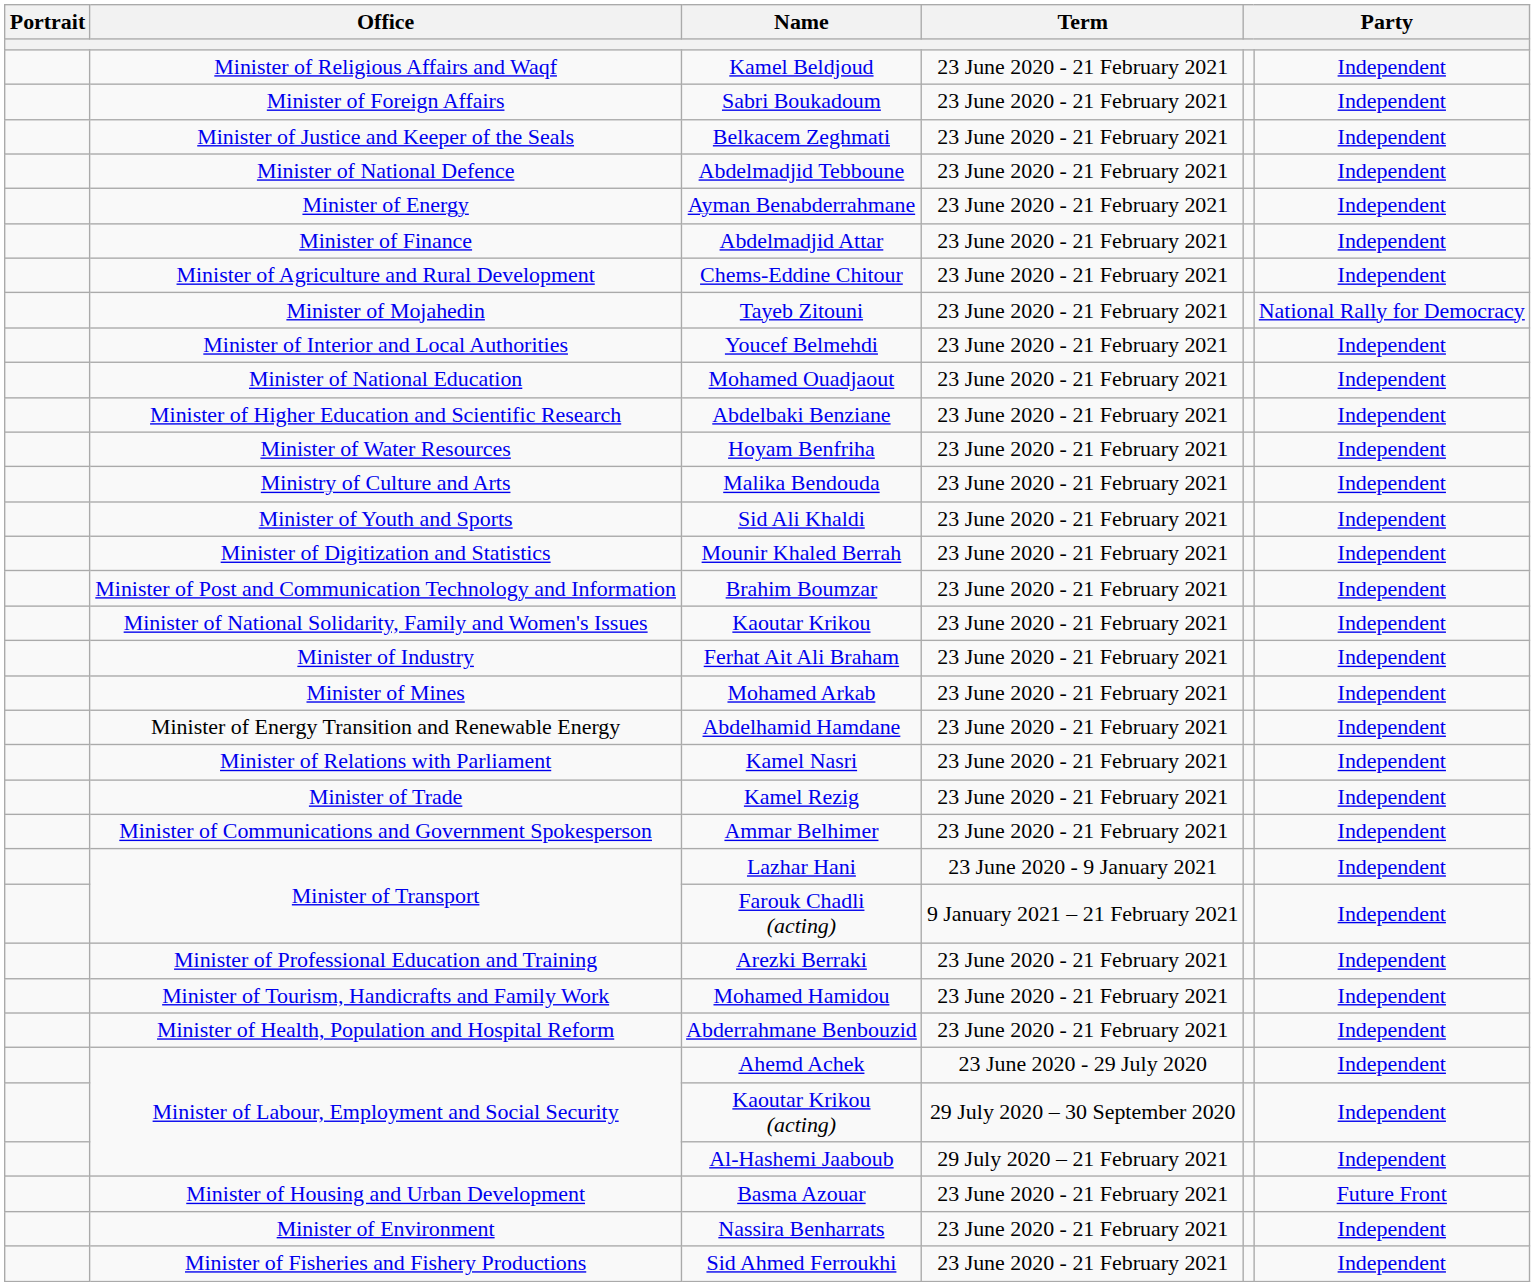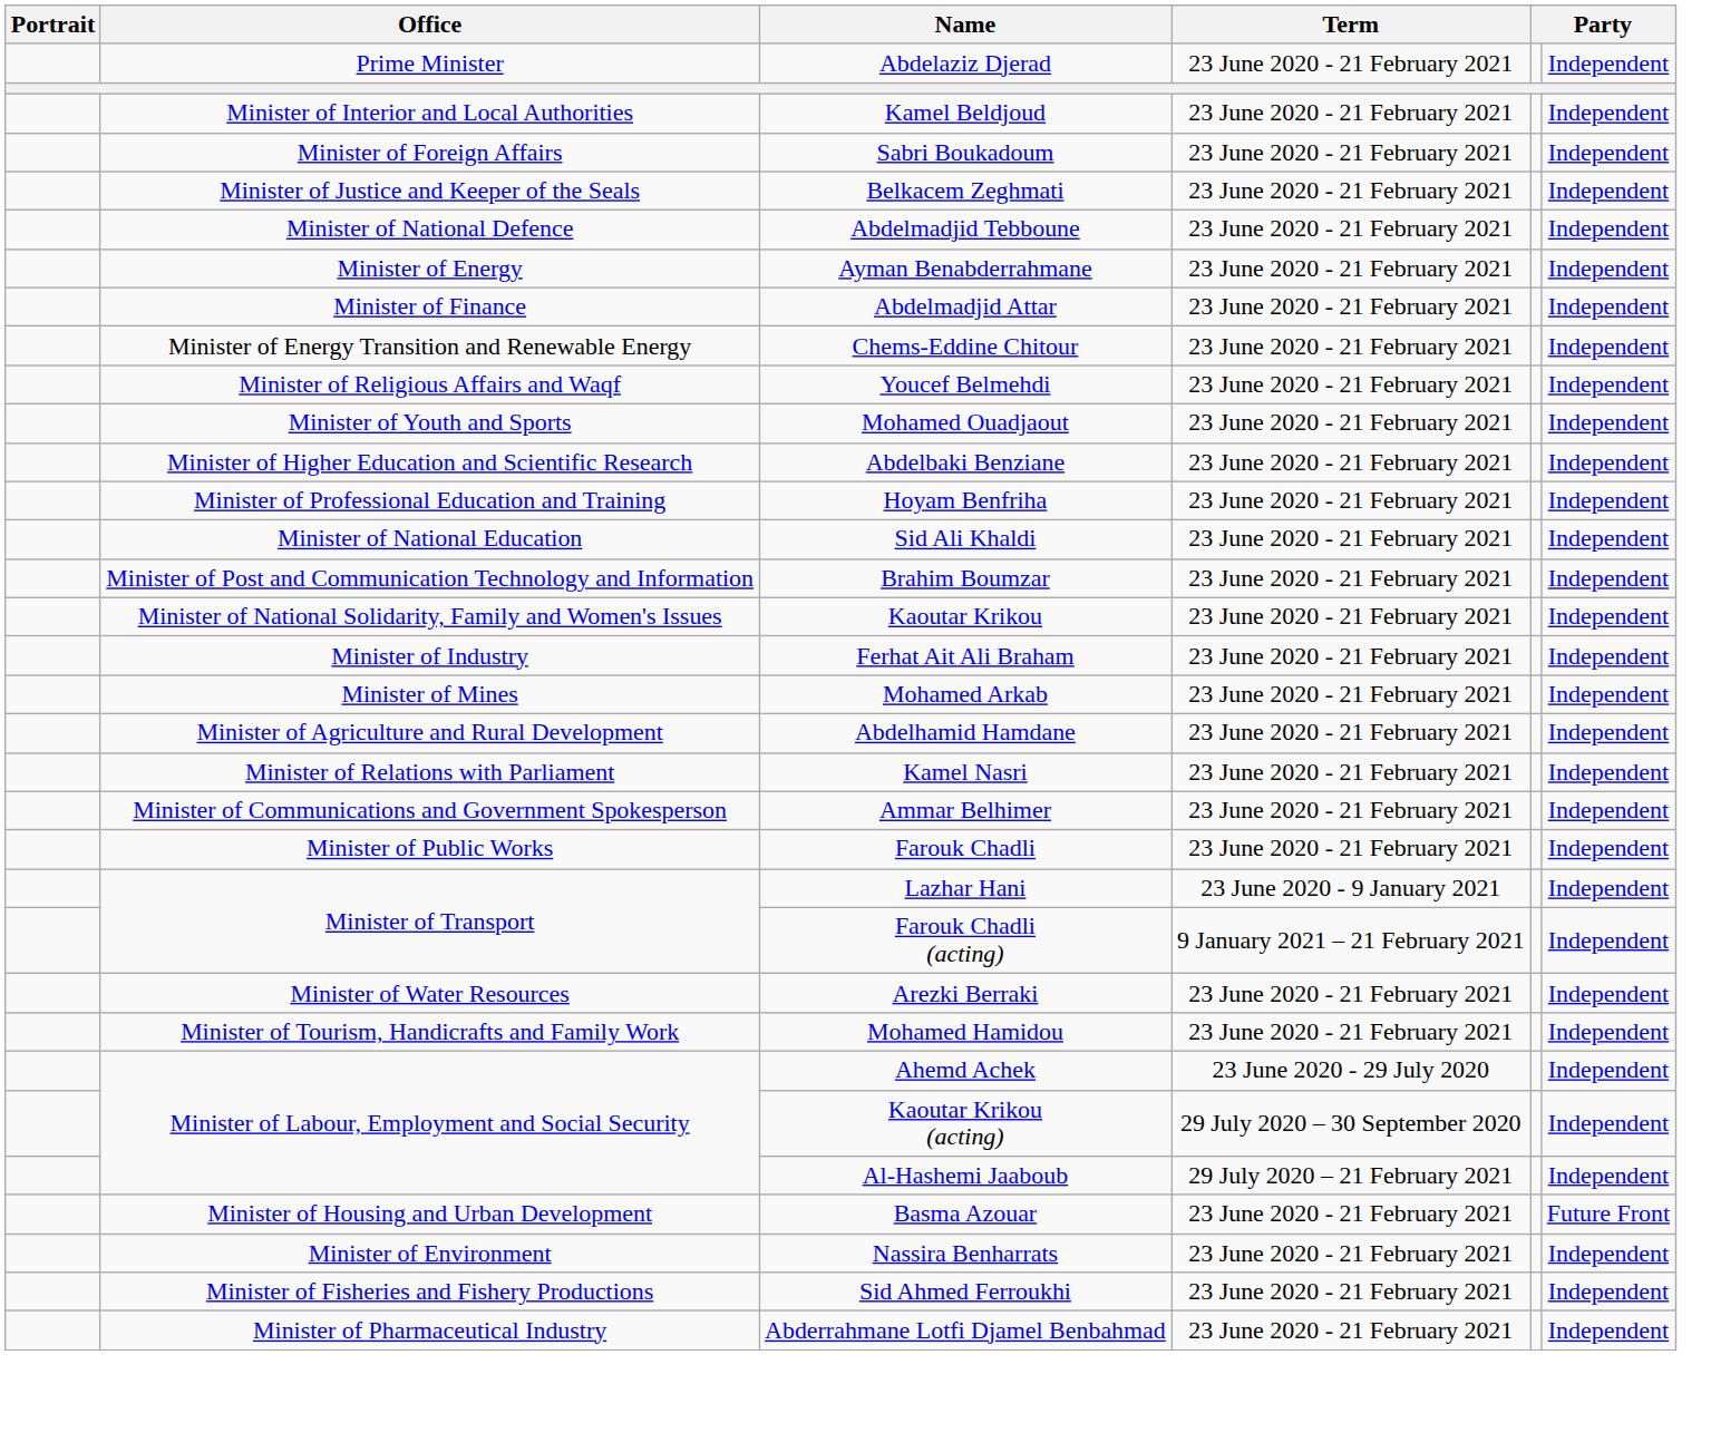 <table class="wikitable" style="text-align:center">
 <tr>
 <th>Portrait</th>
 <th>Office</th>
 <th>Name</th>
 <th>Term</th>
 <th colspan="2">Party</th>
 </tr>
 <tr>
+<td></td>
+<td><a href='#'>Prime Minister</a></td>
+<td><a href='#'>Abdelaziz Djerad</a></td>
+<td>23 June 2020 - 21 February 2021</td>
+<td></td>
+<td><a href='#'>Independent</a></td>
+</tr>
+<tr>
 <th colspan="6"></th>
 </tr>
 <tr>
 <td></td>
-<td><a href='#'>Minister of Religious Affairs and Waqf</a></td>
+<td><a href='#'>Minister of Interior and Local Authorities</a></td>
 <td><a href='#'>Kamel Beldjoud</a></td>
 <td>23 June 2020 - 21 February 2021</td>
 <td></td>
 <td><a href='#'>Independent</a></td>
 </tr>
 <tr>
 <td></td>
 <td><a href='#'>Minister of Foreign Affairs</a></td>
 <td><a href='#'>Sabri Boukadoum</a></td>
 <td>23 June 2020 - 21 February 2021</td>
 <td></td>
 <td><a href='#'>Independent</a></td>
 </tr>
 <tr>
 <td></td>
 <td><a href='#'>Minister of Justice and Keeper of the Seals</a></td>
 <td><a href='#'>Belkacem Zeghmati</a></td>
 <td>23 June 2020 - 21 February 2021</td>
 <td></td>
 <td><a href='#'>Independent</a></td>
 </tr>
 <tr>
 <td></td>
 <td><a href='#'>Minister of National Defence</a></td>
 <td><a href='#'>Abdelmadjid Tebboune</a></td>
 <td>23 June 2020 - 21 February 2021</td>
 <td></td>
 <td><a href='#'>Independent</a></td>
 </tr>
 <tr>
 <td></td>
 <td><a href='#'>Minister of Energy</a></td>
 <td><a href='#'>Ayman Benabderrahmane</a></td>
 <td>23 June 2020 - 21 February 2021</td>
 <td></td>
 <td><a href='#'>Independent</a></td>
 </tr>
 <tr>
 <td></td>
 <td><a href='#'>Minister of Finance</a></td>
 <td><a href='#'>Abdelmadjid Attar</a></td>
 <td>23 June 2020 - 21 February 2021</td>
 <td></td>
 <td><a href='#'>Independent</a></td>
 </tr>
 <tr>
 <td></td>
-<td><a href='#'>Minister of Agriculture and Rural Development</a></td>
+<td>Minister of Energy Transition and Renewable Energy</td>
 <td><a href='#'>Chems-Eddine Chitour</a></td>
 <td>23 June 2020 - 21 February 2021</td>
 <td></td>
 <td><a href='#'>Independent</a></td>
 </tr>
 <tr>
 <td></td>
-<td><a href='#'>Minister of Mojahedin</a></td>
-<td><a href='#'>Tayeb Zitouni</a></td>
-<td>23 June 2020 - 21 February 2021</td>
-<td></td>
-<td><a href='#'>National Rally for Democracy</a></td>
-</tr>
-<tr>
-<td></td>
-<td><a href='#'>Minister of Interior and Local Authorities</a></td>
+<td><a href='#'>Minister of Religious Affairs and Waqf</a></td>
 <td><a href='#'>Youcef Belmehdi</a></td>
 <td>23 June 2020 - 21 February 2021</td>
 <td></td>
 <td><a href='#'>Independent</a></td>
 </tr>
 <tr>
 <td></td>
-<td><a href='#'>Minister of National Education</a></td>
+<td><a href='#'>Minister of Youth and Sports</a></td>
 <td><a href='#'>Mohamed Ouadjaout</a></td>
 <td>23 June 2020 - 21 February 2021</td>
 <td></td>
 <td><a href='#'>Independent</a></td>
 </tr>
 <tr>
 <td></td>
 <td><a href='#'>Minister of Higher Education and Scientific Research</a></td>
 <td><a href='#'>Abdelbaki Benziane</a></td>
 <td>23 June 2020 - 21 February 2021</td>
 <td></td>
 <td><a href='#'>Independent</a></td>
 </tr>
 <tr>
 <td></td>
-<td><a href='#'>Minister of Water Resources</a></td>
+<td><a href='#'>Minister of Professional Education and Training</a></td>
 <td><a href='#'>Hoyam Benfriha</a></td>
 <td>23 June 2020 - 21 February 2021</td>
 <td></td>
 <td><a href='#'>Independent</a></td>
 </tr>
 <tr>
 <td></td>
-<td><a href='#'>Ministry of Culture and Arts</a></td>
-<td><a href='#'>Malika Bendouda</a></td>
-<td>23 June 2020 - 21 February 2021</td>
-<td></td>
-<td><a href='#'>Independent</a></td>
-</tr>
-<tr>
-<td></td>
-<td><a href='#'>Minister of Youth and Sports</a></td>
+<td><a href='#'>Minister of National Education</a></td>
 <td><a href='#'>Sid Ali Khaldi</a></td>
-<td>23 June 2020 - 21 February 2021</td>
-<td></td>
-<td><a href='#'>Independent</a></td>
-</tr>
-<tr>
-<td></td>
-<td><a href='#'>Minister of Digitization and Statistics</a></td>
-<td><a href='#'>Mounir Khaled Berrah</a></td>
 <td>23 June 2020 - 21 February 2021</td>
 <td></td>
 <td><a href='#'>Independent</a></td>
 </tr>
 <tr>
 <td></td>
 <td><a href='#'>Minister of Post and Communication Technology and Information</a></td>
 <td><a href='#'>Brahim Boumzar</a></td>
 <td>23 June 2020 - 21 February 2021</td>
 <td></td>
 <td><a href='#'>Independent</a></td>
 </tr>
 <tr>
 <td></td>
 <td><a href='#'>Minister of National Solidarity, Family and Women's Issues</a></td>
 <td><a href='#'>Kaoutar Krikou</a></td>
 <td>23 June 2020 - 21 February 2021</td>
 <td></td>
 <td><a href='#'>Independent</a></td>
 </tr>
 <tr>
 <td></td>
 <td><a href='#'>Minister of Industry</a></td>
 <td><a href='#'>Ferhat Ait Ali Braham</a></td>
 <td>23 June 2020 - 21 February 2021</td>
 <td></td>
 <td><a href='#'>Independent</a></td>
 </tr>
 <tr>
 <td></td>
 <td><a href='#'>Minister of Mines</a></td>
 <td><a href='#'>Mohamed Arkab</a></td>
 <td>23 June 2020 - 21 February 2021</td>
 <td></td>
 <td><a href='#'>Independent</a></td>
 </tr>
 <tr>
 <td></td>
-<td>Minister of Energy Transition and Renewable Energy</td>
+<td><a href='#'>Minister of Agriculture and Rural Development</a></td>
 <td><a href='#'>Abdelhamid Hamdane</a></td>
 <td>23 June 2020 - 21 February 2021</td>
 <td></td>
 <td><a href='#'>Independent</a></td>
 </tr>
 <tr>
 <td></td>
 <td><a href='#'>Minister of Relations with Parliament</a></td>
 <td><a href='#'>Kamel Nasri</a></td>
 <td>23 June 2020 - 21 February 2021</td>
 <td></td>
 <td><a href='#'>Independent</a></td>
 </tr>
 <tr>
 <td></td>
-<td><a href='#'>Minister of Trade</a></td>
-<td><a href='#'>Kamel Rezig</a></td>
+<td><a href='#'>Minister of Communications and Government Spokesperson</a></td>
+<td><a href='#'>Ammar Belhimer</a></td>
 <td>23 June 2020 - 21 February 2021</td>
 <td></td>
 <td><a href='#'>Independent</a></td>
 </tr>
 <tr>
 <td></td>
-<td><a href='#'>Minister of Communications and Government Spokesperson</a></td>
-<td><a href='#'>Ammar Belhimer</a></td>
+<td><a href='#'>Minister of Public Works</a></td>
+<td><a href='#'>Farouk Chadli</a></td>
 <td>23 June 2020 - 21 February 2021</td>
 <td></td>
 <td><a href='#'>Independent</a></td>
 </tr>
 <tr>
 <td></td>
 <td rowspan="2"><a href='#'>Minister of Transport</a></td>
 <td><a href='#'>Lazhar Hani</a></td>
 <td>23 June 2020 - 9 January 2021</td>
 <td></td>
 <td><a href='#'>Independent</a></td>
 </tr>
 <tr>
 <td></td>
 <td><a href='#'>Farouk Chadli</a> <br><em>(acting)</em></td>
 <td>9 January 2021 – 21 February 2021</td>
 <td></td>
 <td><a href='#'>Independent</a></td>
 </tr>
 <tr>
 <td></td>
-<td><a href='#'>Minister of Professional Education and Training</a></td>
+<td><a href='#'>Minister of Water Resources</a></td>
 <td><a href='#'>Arezki Berraki</a></td>
 <td>23 June 2020 - 21 February 2021</td>
 <td></td>
 <td><a href='#'>Independent</a></td>
 </tr>
 <tr>
 <td></td>
 <td><a href='#'>Minister of Tourism, Handicrafts and Family Work</a></td>
 <td><a href='#'>Mohamed Hamidou</a></td>
-<td>23 June 2020 - 21 February 2021</td>
-<td></td>
-<td><a href='#'>Independent</a></td>
-</tr>
-<tr>
-<td></td>
-<td><a href='#'>Minister of Health, Population and Hospital Reform</a></td>
-<td><a href='#'>Abderrahmane Benbouzid</a></td>
 <td>23 June 2020 - 21 February 2021</td>
 <td></td>
 <td><a href='#'>Independent</a></td>
 </tr>
 <tr>
 <td></td>
 <td rowspan="3"><a href='#'>Minister of Labour, Employment and Social Security</a></td>
 <td><a href='#'>Ahemd Achek</a></td>
 <td>23 June 2020 - 29 July 2020</td>
 <td></td>
 <td><a href='#'>Independent</a></td>
 </tr>
 <tr>
 <td></td>
 <td><a href='#'>Kaoutar Krikou</a> <br><em>(acting)</em></td>
 <td>29 July 2020 – 30 September 2020</td>
 <td></td>
 <td><a href='#'>Independent</a></td>
 </tr>
 <tr>
 <td></td>
 <td><a href='#'>Al-Hashemi Jaaboub</a></td>
 <td>29 July 2020 – 21 February 2021</td>
 <td></td>
 <td><a href='#'>Independent</a></td>
 </tr>
 <tr>
 <td></td>
 <td><a href='#'>Minister of Housing and Urban Development</a></td>
 <td><a href='#'>Basma Azouar</a></td>
 <td>23 June 2020 - 21 February 2021</td>
 <td></td>
 <td><a href='#'>Future Front</a></td>
 </tr>
 <tr>
 <td></td>
 <td><a href='#'>Minister of Environment</a></td>
 <td><a href='#'>Nassira Benharrats</a></td>
 <td>23 June 2020 - 21 February 2021</td>
 <td></td>
 <td><a href='#'>Independent</a></td>
 </tr>
 <tr>
 <td></td>
 <td><a href='#'>Minister of Fisheries and Fishery Productions</a></td>
 <td><a href='#'>Sid Ahmed Ferroukhi</a></td>
 <td>23 June 2020 - 21 February 2021</td>
 <td></td>
 <td><a href='#'>Independent</a></td>
 </tr>
+<tr>
+<td></td>
+<td><a href='#'>Minister of Pharmaceutical Industry</a></td>
+<td><a href='#'>Abderrahmane Lotfi Djamel Benbahmad</a></td>
+<td>23 June 2020 - 21 February 2021</td>
+<td></td>
+<td><a href='#'>Independent</a></td>
+</tr>
 </table>
